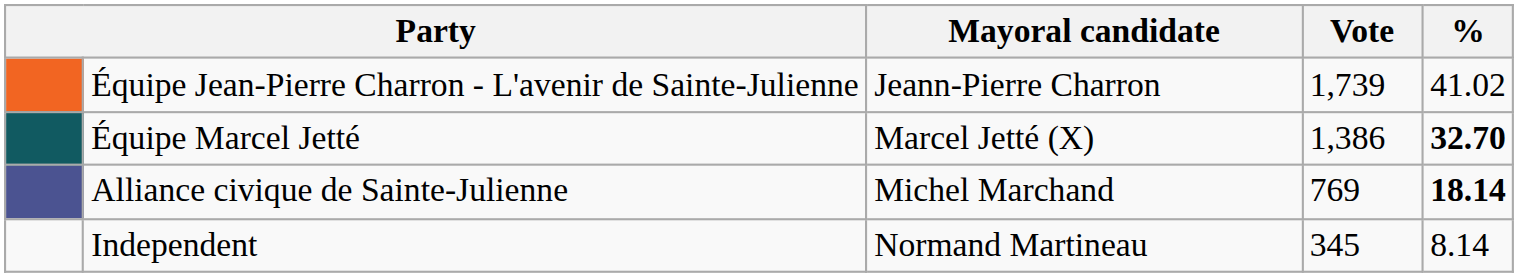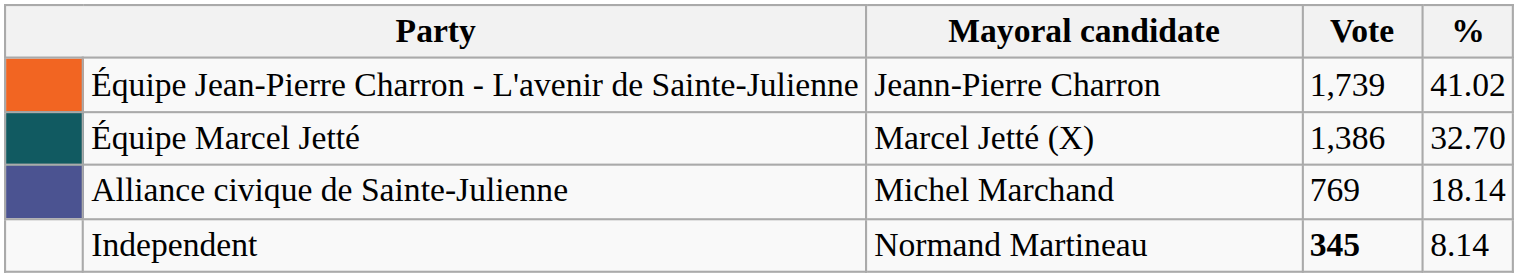 <table class="wikitable">
 <tr>
 <th bgcolor="#DDDDFF" width="230px" colspan="2">Party</th>
 <th bgcolor="#DDDDFF" width="200px">Mayoral candidate</th>
 <th bgcolor="#DDDDFF" width="50px">Vote</th>
 <th bgcolor="#DDDDFF" width="30px">%</th>
 </tr>
 <tr>
 <td bgcolor=#F26522 width="30px"> </td>
 <td>Équipe Jean-Pierre Charron - L'avenir de Sainte-Julienne</td>
 <td>Jeann-Pierre Charron</td>
 <td>1,739</td>
 <td>41.02</td>
 </tr>
 <tr>
 <td bgcolor=#115A61 width="30px"> </td>
 <td>Équipe Marcel Jetté</td>
 <td>Marcel Jetté (X)</td>
 <td>1,386</td>
-<td><strong>32.70</strong></td>
+<td>32.70</td>
 </tr>
 <tr>
 <td bgcolor=#4B5391 width="30px"> </td>
 <td>Alliance civique de Sainte-Julienne</td>
 <td>Michel Marchand</td>
 <td>769</td>
-<td><strong>18.14</strong></td>
+<td>18.14</td>
 </tr>
 <tr>
 <td> </td>
 <td>Independent</td>
 <td>Normand Martineau</td>
-<td>345</td>
+<td><strong>345</strong></td>
 <td>8.14</td>
 </tr>
 </table>
